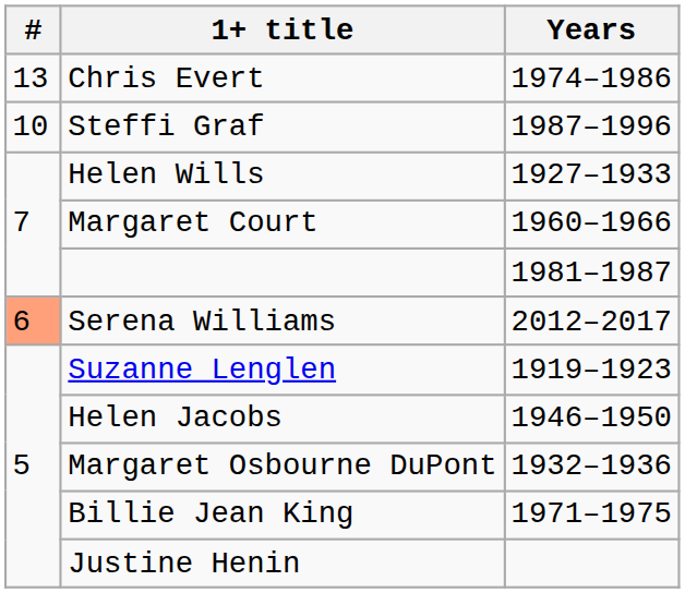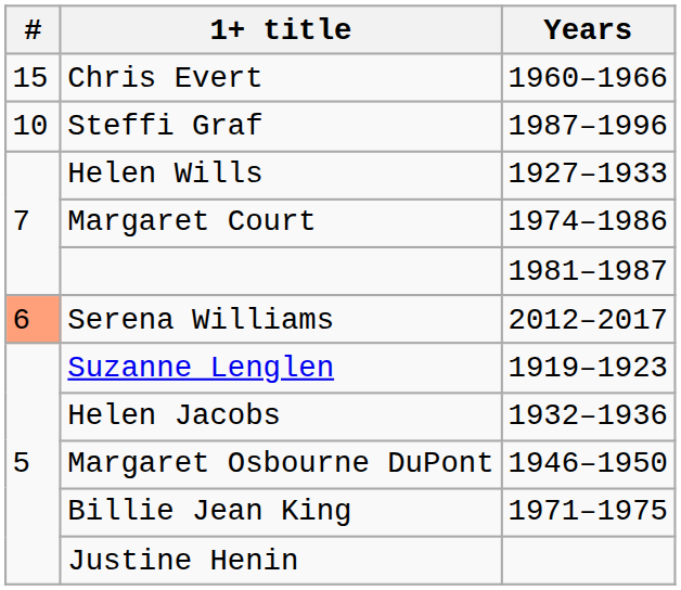 <table class="wikitable" style="display:inline-table;">
 <tr>
 <th style="width:18px;">#</th>
 <th>1+ title</th>
 <th>Years</th>
 </tr>
 <tr>
-<td>13</td>
+<td>15</td>
 <td> Chris Evert</td>
-<td>1974–1986</td>
+<td>1960–1966</td>
 </tr>
 <tr>
 <td>10</td>
 <td> Steffi Graf</td>
 <td>1987–1996</td>
 </tr>
 <tr>
 <td rowspan="3">7</td>
 <td> Helen Wills</td>
 <td>1927–1933</td>
 </tr>
 <tr>
 <td> Margaret Court</td>
-<td>1960–1966</td>
+<td>1974–1986</td>
 </tr>
 <tr>
 <td></td>
 <td>1981–1987</td>
 </tr>
 <tr>
 <td style="background: lightsalmon;">6</td>
 <td> Serena Williams</td>
 <td>2012–2017</td>
 </tr>
 <tr>
 <td rowspan="5">5</td>
 <td> <a href='#'>Suzanne Lenglen</a></td>
 <td>1919–1923</td>
 </tr>
 <tr>
 <td> Helen Jacobs</td>
-<td>1946–1950</td>
+<td>1932–1936</td>
 </tr>
 <tr>
 <td> Margaret Osbourne DuPont</td>
-<td>1932–1936</td>
+<td>1946–1950</td>
 </tr>
 <tr>
 <td> Billie Jean King</td>
 <td>1971–1975</td>
 </tr>
 <tr>
 <td> Justine Henin</td>
 <td></td>
 </tr>
 </table>
